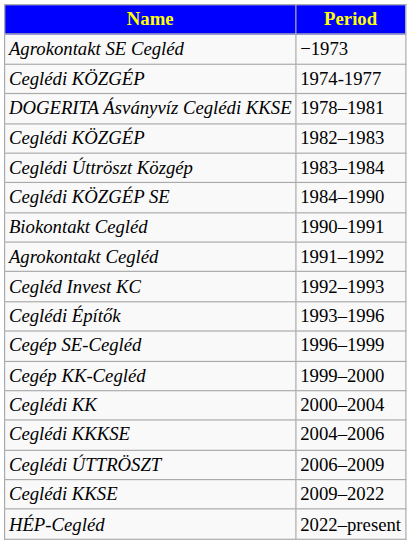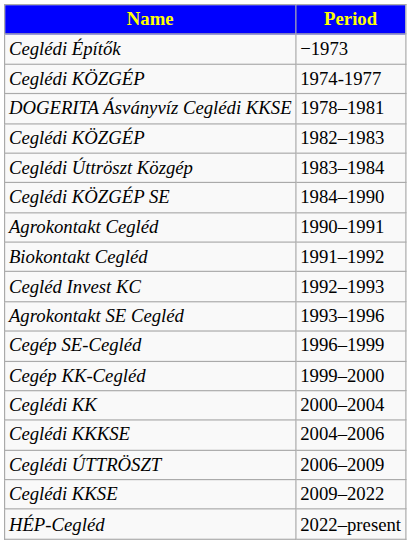 <table class="wikitable" style="text-align: left">
 <tr>
 <th style="color:yellow; background:blue">Name</th>
 <th style="color:yellow; background:blue">Period</th>
 </tr>
 <tr>
-<td align=left><em>Agrokontakt SE Cegléd</em></td>
+<td align=left><em>Ceglédi Építők</em></td>
 <td>−1973</td>
 </tr>
 <tr>
 <td align=left><em>Ceglédi KÖZGÉP</em></td>
 <td>1974-1977</td>
 </tr>
 <tr>
 <td align=left><em>DOGERITA Ásványvíz Ceglédi KKSE</em></td>
 <td>1978–1981</td>
 </tr>
 <tr>
 <td align=left><em>Ceglédi KÖZGÉP</em></td>
 <td>1982–1983</td>
 </tr>
 <tr>
 <td align=left><em>Ceglédi Úttröszt Közgép</em></td>
 <td>1983–1984</td>
 </tr>
 <tr>
 <td align=left><em>Ceglédi KÖZGÉP SE</em></td>
 <td>1984–1990</td>
 </tr>
 <tr>
-<td align=left><em>Biokontakt Cegléd</em></td>
+<td align=left><em>Agrokontakt Cegléd</em></td>
 <td>1990–1991</td>
 </tr>
 <tr>
-<td align=left><em>Agrokontakt Cegléd</em></td>
+<td align=left><em>Biokontakt Cegléd</em></td>
 <td>1991–1992</td>
 </tr>
 <tr>
 <td align=left><em>Cegléd Invest KC</em></td>
 <td>1992–1993</td>
 </tr>
 <tr>
-<td align=left><em>Ceglédi Építők</em></td>
+<td align=left><em>Agrokontakt SE Cegléd</em></td>
 <td>1993–1996</td>
 </tr>
 <tr>
 <td align=left><em>Cegép SE-Cegléd</em></td>
 <td>1996–1999</td>
 </tr>
 <tr>
 <td align=left><em>Cegép KK-Cegléd</em></td>
 <td>1999–2000</td>
 </tr>
 <tr>
 <td align=left><em>Ceglédi KK</em></td>
 <td>2000–2004</td>
 </tr>
 <tr>
 <td align=left><em>Ceglédi KKKSE</em></td>
 <td>2004–2006</td>
 </tr>
 <tr>
 <td align=left><em>Ceglédi ÚTTRÖSZT</em></td>
 <td>2006–2009</td>
 </tr>
 <tr>
 <td align=left><em>Ceglédi KKSE</em></td>
 <td>2009–2022</td>
 </tr>
 <tr>
 <td align=left><em>HÉP-Cegléd</em></td>
 <td>2022–present</td>
 </tr>
 </table>
